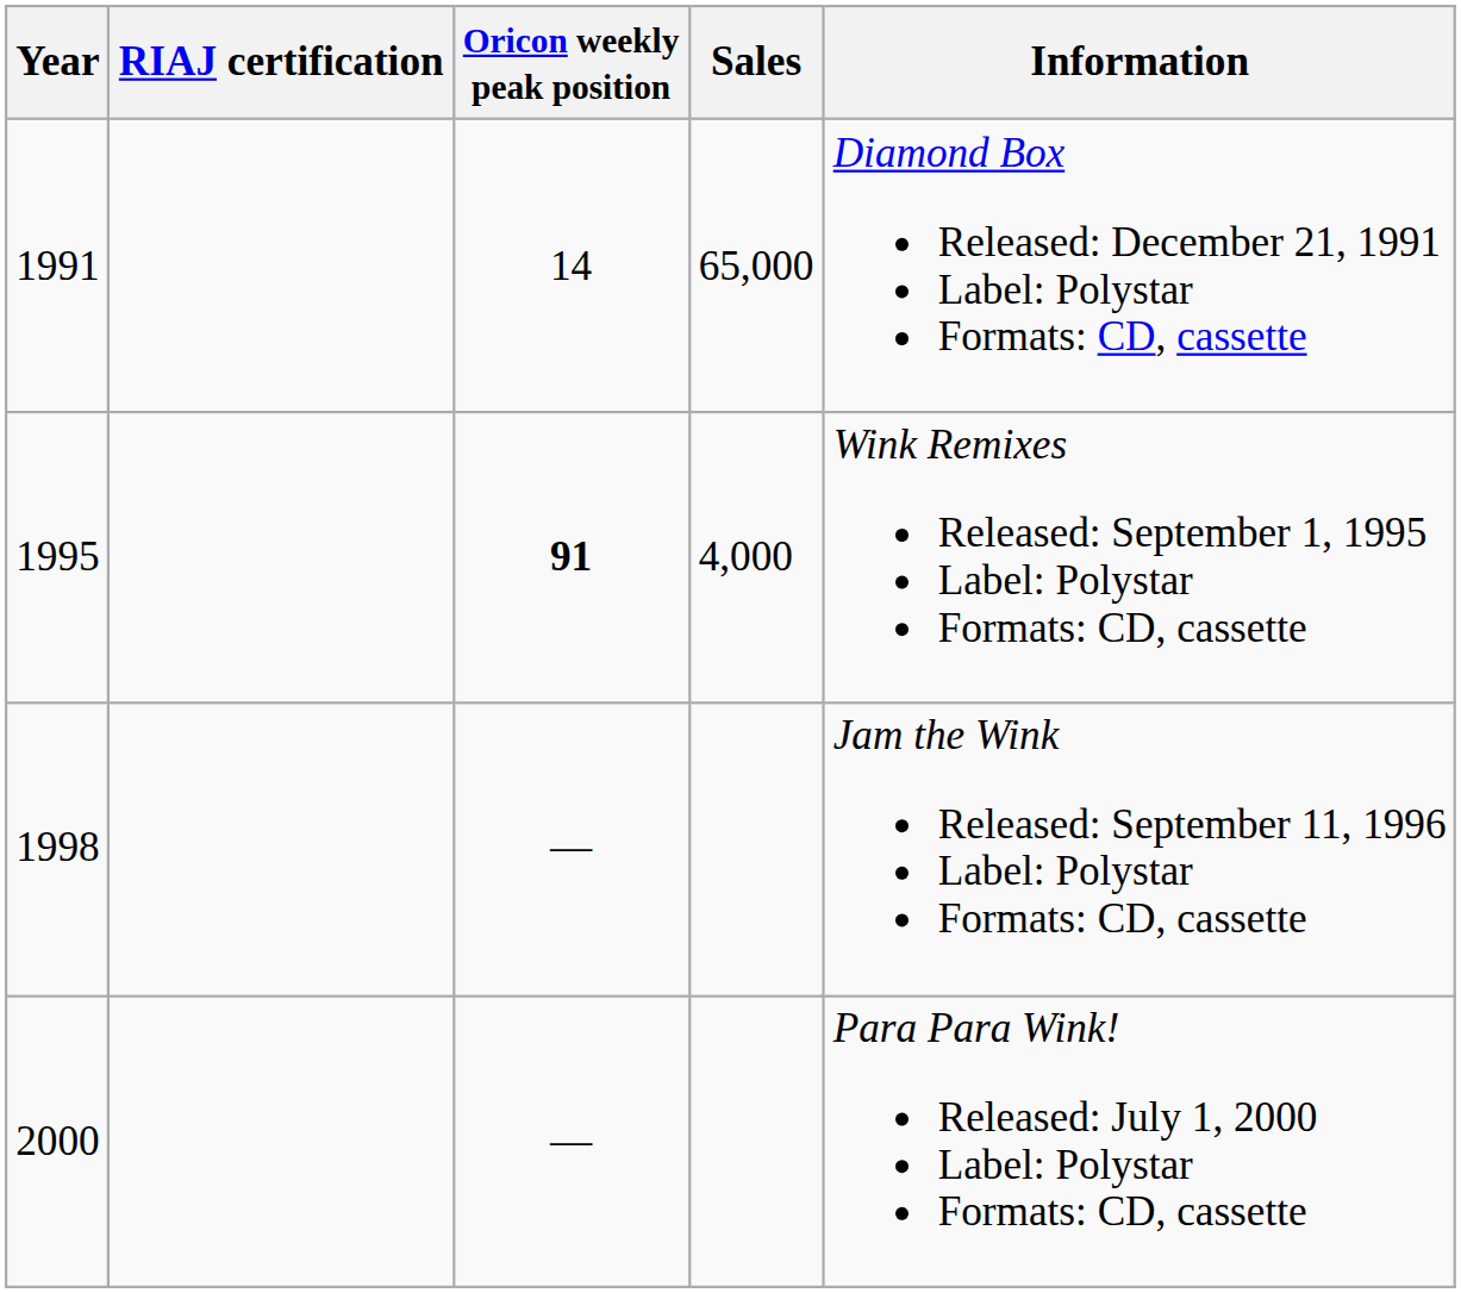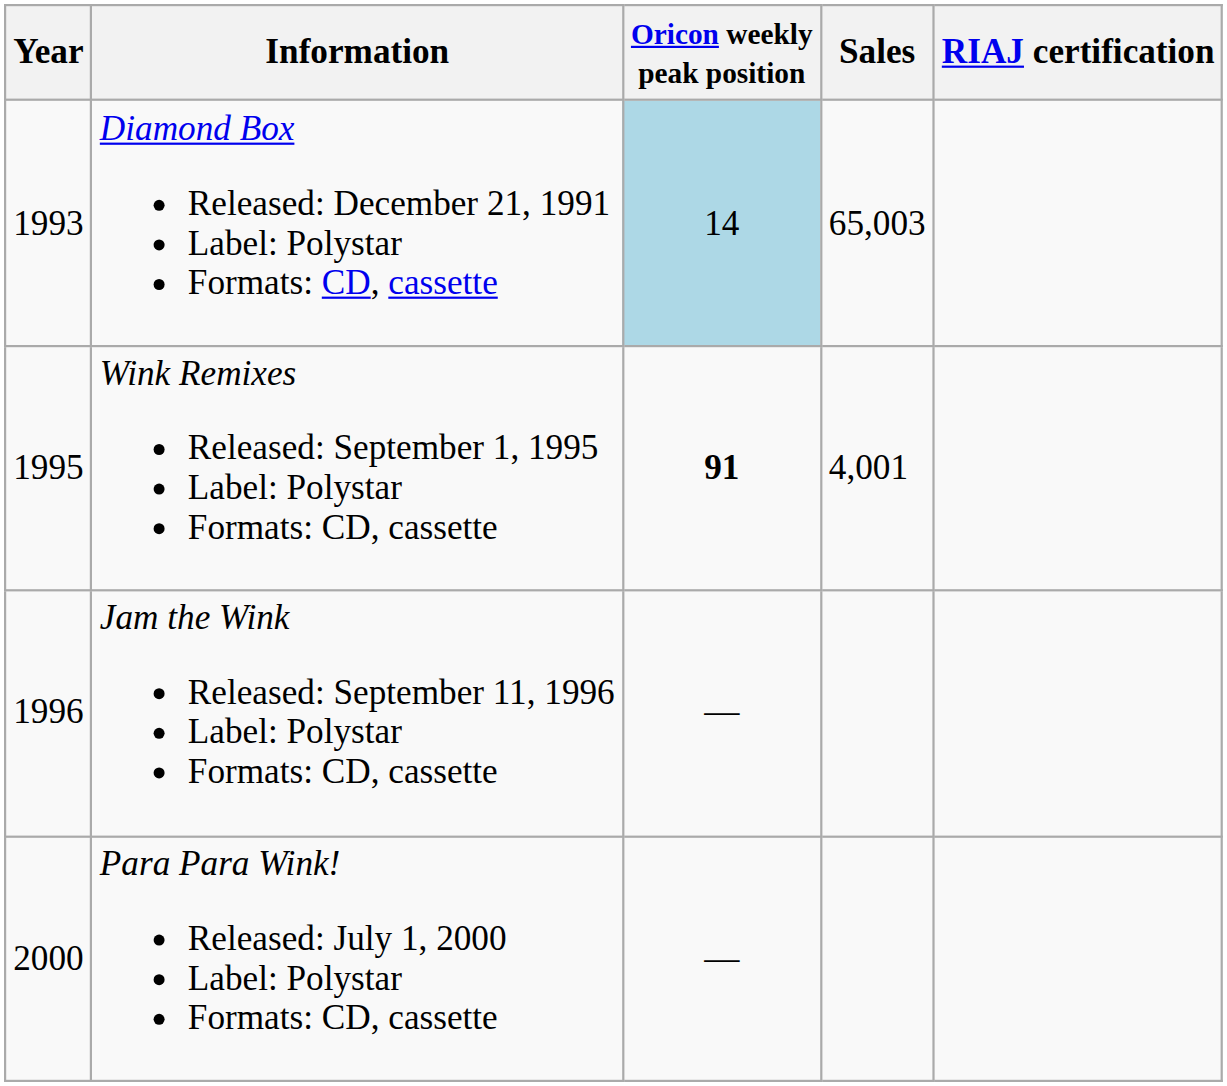 <table class="wikitable">
 <tr>
 <th>Year</th>
-<th><a href='#'>RIAJ</a> certification</th>
+<th>Information</th>
 <th><small><a href='#'>Oricon</a> weekly<br>peak position</small></th>
 <th>Sales<br></th>
-<th>Information</th>
+<th><a href='#'>RIAJ</a> certification</th>
 </tr>
 <tr>
-<td>1991</td>
+<td>1993</td>
+<td><em><a href='#'>Diamond Box</a></em><br><ul><li>Released: December 21, 1991</li><li>Label: Polystar</li><li>Formats: <a href='#'>CD</a>, <a href='#'>cassette</a></li></ul></td>
+<td style="background: lightblue; text-align:center;">14</td>
+<td align="left">65,003</td>
 <td align="left"></td>
-<td style="text-align:center;">14</td>
-<td align="left">65,000</td>
-<td><em><a href='#'>Diamond Box</a></em><br><ul><li>Released: December 21, 1991</li><li>Label: Polystar</li><li>Formats: <a href='#'>CD</a>, <a href='#'>cassette</a></li></ul></td>
 </tr>
 <tr>
 <td>1995</td>
+<td><em>Wink Remixes</em><br><ul><li>Released: September 1, 1995</li><li>Label: Polystar</li><li>Formats: CD, cassette</li></ul></td>
+<td style="text-align:center;"><strong>91</strong></td>
+<td align="left">4,001</td>
 <td align="left"></td>
-<td style="text-align:center;"><strong>91</strong></td>
-<td align="left">4,000</td>
-<td><em>Wink Remixes</em><br><ul><li>Released: September 1, 1995</li><li>Label: Polystar</li><li>Formats: CD, cassette</li></ul></td>
 </tr>
 <tr>
-<td>1998</td>
-<td align="left"></td>
+<td>1996</td>
+<td><em>Jam the Wink</em><br><ul><li>Released: September 11, 1996</li><li>Label: Polystar</li><li>Formats: CD, cassette</li></ul></td>
 <td style="text-align:center;">—</td>
 <td align="left"></td>
-<td><em>Jam the Wink</em><br><ul><li>Released: September 11, 1996</li><li>Label: Polystar</li><li>Formats: CD, cassette</li></ul></td>
+<td align="left"></td>
 </tr>
 <tr>
 <td>2000</td>
-<td align="left"></td>
+<td><em>Para Para Wink!</em><br><ul><li>Released: July 1, 2000</li><li>Label: Polystar</li><li>Formats: CD, cassette</li></ul></td>
 <td style="text-align:center;">—</td>
 <td align="left"></td>
-<td><em>Para Para Wink!</em><br><ul><li>Released: July 1, 2000</li><li>Label: Polystar</li><li>Formats: CD, cassette</li></ul></td>
+<td align="left"></td>
 </tr>
 </table>
